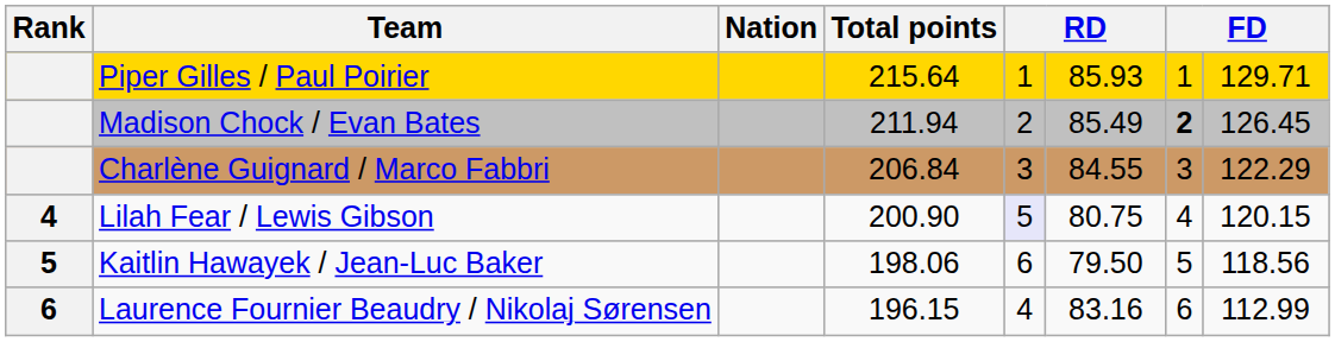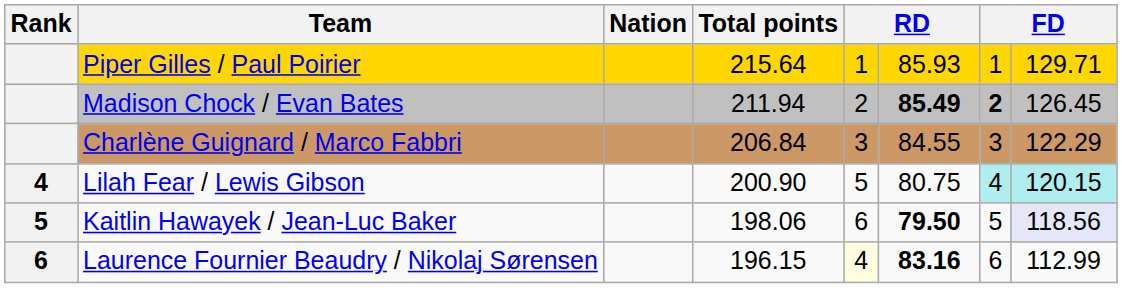 <table class="wikitable sortable" style="text-align:left">
 <tr>
 <th scope="col">Rank</th>
 <th scope="col">Team</th>
 <th scope="col">Nation</th>
 <th scope="col">Total points</th>
 <th scope="col" colspan="2" width="80px"><a href='#'>RD</a></th>
 <th scope="col" colspan="2" width="80px"><a href='#'>FD</a></th>
 </tr>
 <tr bgcolor="gold">
 <th scope="row"></th>
 <td><a href='#'>Piper Gilles</a> / <a href='#'>Paul Poirier</a></td>
 <td></td>
 <td align="center">215.64</td>
 <td align="center">1</td>
 <td align="center">85.93</td>
 <td align="center">1</td>
 <td align="center">129.71</td>
 </tr>
 <tr bgcolor="silver">
 <th scope="row"></th>
 <td><a href='#'>Madison Chock</a> / <a href='#'>Evan Bates</a></td>
 <td></td>
 <td align="center">211.94</td>
 <td align="center">2</td>
-<td align="center">85.49</td>
+<td align="center"><strong>85.49</strong></td>
 <td align="center"><strong>2</strong></td>
 <td align="center">126.45</td>
 </tr>
 <tr bgcolor="cc9966">
 <th scope="row"></th>
 <td><a href='#'>Charlène Guignard</a> / <a href='#'>Marco Fabbri</a></td>
 <td></td>
 <td align="center">206.84</td>
 <td align="center">3</td>
 <td align="center">84.55</td>
 <td align="center">3</td>
 <td align="center">122.29</td>
 </tr>
 <tr>
 <th scope="row">4</th>
 <td><a href='#'>Lilah Fear</a> / <a href='#'>Lewis Gibson</a></td>
 <td></td>
 <td align="center">200.90</td>
-<td align="center" style="background: lavender;">5</td>
+<td align="center">5</td>
 <td align="center">80.75</td>
-<td align="center">4</td>
-<td align="center">120.15</td>
+<td align="center" style="background: paleturquoise;">4</td>
+<td align="center" style="background: paleturquoise;">120.15</td>
 </tr>
 <tr>
 <th scope="row">5</th>
 <td><a href='#'>Kaitlin Hawayek</a> / <a href='#'>Jean-Luc Baker</a></td>
 <td></td>
 <td align="center">198.06</td>
 <td align="center">6</td>
-<td align="center">79.50</td>
+<td align="center"><strong>79.50</strong></td>
 <td align="center">5</td>
-<td align="center">118.56</td>
+<td align="center" style="background: lavender;">118.56</td>
 </tr>
 <tr>
 <th scope="row">6</th>
 <td><a href='#'>Laurence Fournier Beaudry</a> / <a href='#'>Nikolaj Sørensen</a></td>
 <td></td>
 <td align="center">196.15</td>
-<td align="center">4</td>
-<td align="center">83.16</td>
+<td align="center" style="background: lightyellow;">4</td>
+<td align="center"><strong>83.16</strong></td>
 <td align="center">6</td>
 <td align="center">112.99</td>
 </tr>
 </table>
